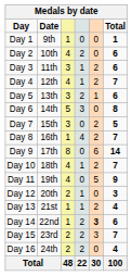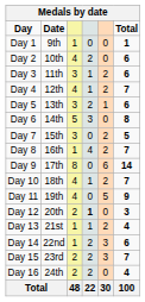 <table class="wikitable" style="font-size:85%; float:right">
 <tr bgcolor=#efefef>
 <th colspan=6>Medals by date</th>
 </tr>
 <tr align=center>
 <td><strong>Day</strong></td>
 <td><strong>Date</strong></td>
 <td bgcolor=#f7f6a8></td>
 <td bgcolor=#dce5e5></td>
 <td bgcolor=#ffdab9></td>
 <td><strong>Total</strong></td>
 </tr>
 <tr align=center>
 <td>Day 1</td>
 <td>9th</td>
 <td bgcolor=#F7F6A8>1</td>
 <td bgcolor=#DCE5E5>0</td>
 <td bgcolor=#FFDAB9>0</td>
 <td><strong>1</strong></td>
 </tr>
 <tr align=center>
 <td>Day 2</td>
 <td>10th</td>
 <td bgcolor=#F7F6A8>4</td>
 <td bgcolor=#DCE5E5>2</td>
 <td bgcolor=#FFDAB9>0</td>
 <td><strong>6</strong></td>
 </tr>
 <tr align=center>
 <td>Day 3</td>
 <td>11th</td>
 <td bgcolor=#F7F6A8>3</td>
 <td bgcolor=#DCE5E5>1</td>
 <td bgcolor=#FFDAB9>2</td>
 <td><strong>6</strong></td>
 </tr>
 <tr align=center>
 <td>Day 4</td>
 <td>12th</td>
 <td bgcolor=#F7F6A8>4</td>
 <td bgcolor=#DCE5E5>1</td>
 <td bgcolor=#FFDAB9>2</td>
 <td><strong>7</strong></td>
 </tr>
 <tr align=center>
 <td>Day 5</td>
 <td>13th</td>
 <td bgcolor=#F7F6A8>3</td>
 <td bgcolor=#DCE5E5>2</td>
 <td bgcolor=#FFDAB9>1</td>
 <td><strong>6</strong></td>
 </tr>
 <tr align=center>
 <td>Day 6</td>
 <td>14th</td>
 <td bgcolor=#F7F6A8>5</td>
 <td bgcolor=#DCE5E5>3</td>
 <td bgcolor=#FFDAB9>0</td>
 <td><strong>8</strong></td>
 </tr>
 <tr align=center>
 <td>Day 7</td>
 <td>15th</td>
 <td bgcolor=#F7F6A8>3</td>
 <td bgcolor=#DCE5E5>0</td>
 <td bgcolor=#FFDAB9>2</td>
 <td><strong>5</strong></td>
 </tr>
 <tr align=center>
 <td>Day 8</td>
 <td>16th</td>
 <td bgcolor=#F7F6A8>1</td>
 <td bgcolor=#DCE5E5>4</td>
 <td bgcolor=#FFDAB9>2</td>
 <td><strong>7</strong></td>
 </tr>
 <tr align=center>
 <td>Day 9</td>
 <td>17th</td>
 <td bgcolor=#F7F6A8>8</td>
 <td bgcolor=#DCE5E5>0</td>
 <td bgcolor=#FFDAB9>6</td>
 <td><strong>14</strong></td>
 </tr>
 <tr align=center>
 <td>Day 10</td>
 <td>18th</td>
 <td bgcolor=#F7F6A8>4</td>
 <td bgcolor=#DCE5E5>1</td>
 <td bgcolor=#FFDAB9>2</td>
 <td><strong>7</strong></td>
 </tr>
 <tr align=center>
 <td>Day 11</td>
 <td>19th</td>
 <td bgcolor=#F7F6A8>4</td>
 <td bgcolor=#DCE5E5>0</td>
 <td bgcolor=#FFDAB9>5</td>
 <td><strong>9</strong></td>
 </tr>
 <tr align=center>
 <td>Day 12</td>
 <td>20th</td>
 <td bgcolor=#F7F6A8>2</td>
-<td bgcolor=#DCE5E5>1</td>
+<td bgcolor=#DCE5E5><strong>1</strong></td>
 <td bgcolor=#FFDAB9>0</td>
 <td><strong>3</strong></td>
 </tr>
 <tr align=center>
 <td>Day 13</td>
 <td>21st</td>
 <td bgcolor=#F7F6A8>1</td>
 <td bgcolor=#DCE5E5>1</td>
 <td bgcolor=#FFDAB9>2</td>
 <td><strong>4</strong></td>
 </tr>
 <tr align=center>
 <td>Day 14</td>
 <td>22nd</td>
 <td bgcolor=#F7F6A8>1</td>
 <td bgcolor=#DCE5E5>2</td>
-<td bgcolor=#FFDAB9><strong>3</strong></td>
+<td bgcolor=#FFDAB9>3</td>
 <td><strong>6</strong></td>
 </tr>
 <tr align=center>
 <td>Day 15</td>
 <td>23rd</td>
 <td bgcolor=#F7F6A8>2</td>
 <td bgcolor=#DCE5E5>2</td>
 <td bgcolor=#FFDAB9>3</td>
 <td><strong>7</strong></td>
 </tr>
 <tr align=center>
 <td>Day 16</td>
 <td>24th</td>
 <td bgcolor=#F7F6A8>2</td>
 <td bgcolor=#DCE5E5>2</td>
 <td bgcolor=#FFDAB9>0</td>
 <td><strong>4</strong></td>
 </tr>
 <tr>
 <th colspan="2">Total</th>
 <th bgcolor=gold>48</th>
 <th bgcolor=silver>22</th>
 <th bgcolor=#c96>30</th>
 <th>100</th>
 </tr>
 </table>
